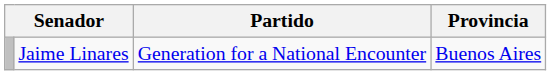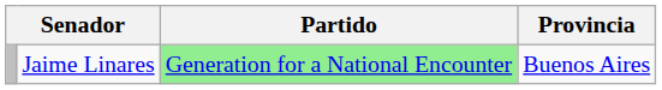 <table class="wikitable" style="font-size:95%">
 <tr>
 <th colspan="2">Senador</th>
 <th>Partido</th>
 <th>Provincia</th>
 </tr>
 <tr>
 <td bgcolor="#C0C0C0"></td>
 <td><a href='#'>Jaime Linares</a></td>
-<td><a href='#'>Generation for a National Encounter</a></td>
+<td style="background: lightgreen;"><a href='#'>Generation for a National Encounter</a></td>
 <td><a href='#'>Buenos Aires</a></td>
 </tr>
 </table>
